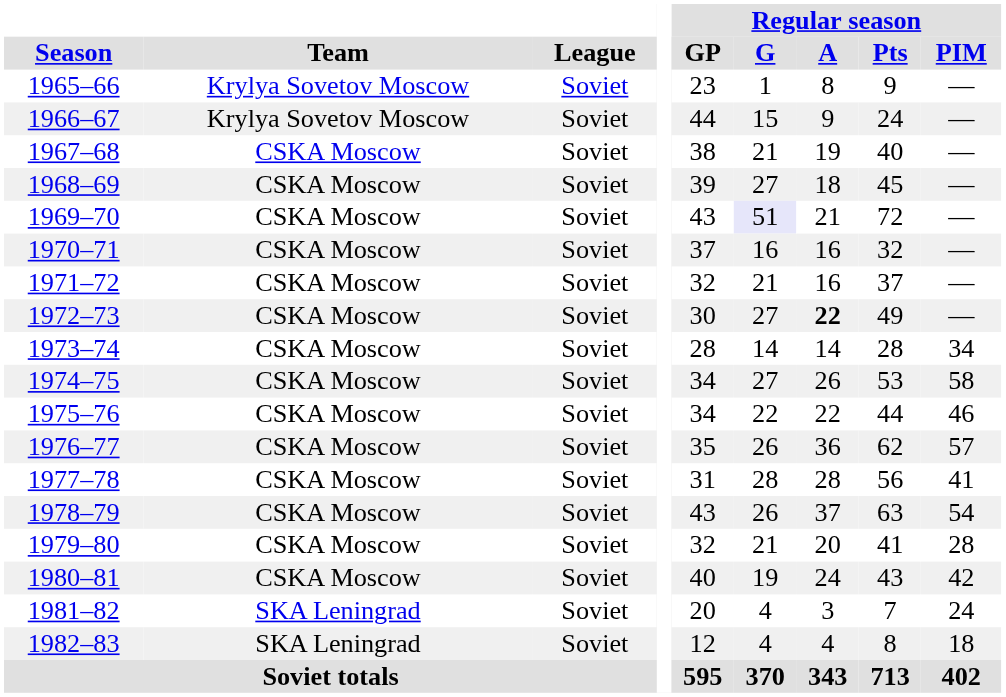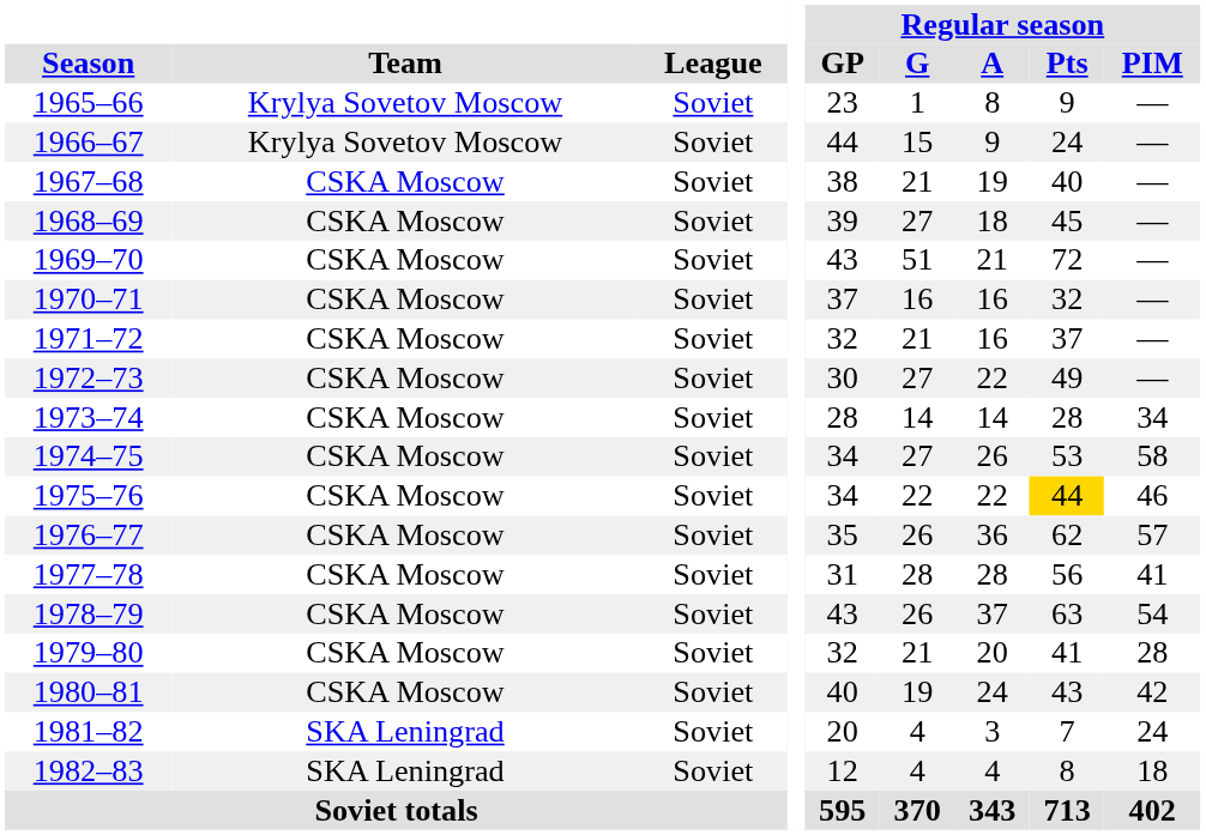 <table border="0" cellpadding="1" cellspacing="0" style="text-align:center; width:38em">
 <tr bgcolor="#e0e0e0">
 <th colspan="3" bgcolor="#ffffff"> </th>
 <th rowspan="99" bgcolor="#ffffff"> </th>
 <th colspan="5"><a href='#'>Regular season</a></th>
 </tr>
 <tr bgcolor="#e0e0e0">
 <th><a href='#'>Season</a></th>
 <th>Team</th>
 <th>League</th>
 <th>GP</th>
 <th><a href='#'>G</a></th>
 <th><a href='#'>A</a></th>
 <th><a href='#'>Pts</a></th>
 <th><a href='#'>PIM</a></th>
 </tr>
 <tr>
 <td><a href='#'>1965–66</a></td>
 <td><a href='#'>Krylya Sovetov Moscow</a></td>
 <td><a href='#'>Soviet</a></td>
 <td>23</td>
 <td>1</td>
 <td>8</td>
 <td>9</td>
 <td>—</td>
 </tr>
 <tr bgcolor="#f0f0f0">
 <td><a href='#'>1966–67</a></td>
 <td>Krylya Sovetov Moscow</td>
 <td>Soviet</td>
 <td>44</td>
 <td>15</td>
 <td>9</td>
 <td>24</td>
 <td>—</td>
 </tr>
 <tr>
 <td><a href='#'>1967–68</a></td>
 <td><a href='#'>CSKA Moscow</a></td>
 <td>Soviet</td>
 <td>38</td>
 <td>21</td>
 <td>19</td>
 <td>40</td>
 <td>—</td>
 </tr>
 <tr bgcolor="#f0f0f0">
 <td><a href='#'>1968–69</a></td>
 <td>CSKA Moscow</td>
 <td>Soviet</td>
 <td>39</td>
 <td>27</td>
 <td>18</td>
 <td>45</td>
 <td>—</td>
 </tr>
 <tr>
 <td><a href='#'>1969–70</a></td>
 <td>CSKA Moscow</td>
 <td>Soviet</td>
 <td>43</td>
-<td style="background: lavender;">51</td>
+<td>51</td>
 <td>21</td>
 <td>72</td>
 <td>—</td>
 </tr>
 <tr bgcolor="#f0f0f0">
 <td><a href='#'>1970–71</a></td>
 <td>CSKA Moscow</td>
 <td>Soviet</td>
 <td>37</td>
 <td>16</td>
 <td>16</td>
 <td>32</td>
 <td>—</td>
 </tr>
 <tr>
 <td><a href='#'>1971–72</a></td>
 <td>CSKA Moscow</td>
 <td>Soviet</td>
 <td>32</td>
 <td>21</td>
 <td>16</td>
 <td>37</td>
 <td>—</td>
 </tr>
 <tr bgcolor="#f0f0f0">
 <td><a href='#'>1972–73</a></td>
 <td>CSKA Moscow</td>
 <td>Soviet</td>
 <td>30</td>
 <td>27</td>
-<td><strong>22</strong></td>
+<td>22</td>
 <td>49</td>
 <td>—</td>
 </tr>
 <tr>
 <td><a href='#'>1973–74</a></td>
 <td>CSKA Moscow</td>
 <td>Soviet</td>
 <td>28</td>
 <td>14</td>
 <td>14</td>
 <td>28</td>
 <td>34</td>
 </tr>
 <tr bgcolor="#f0f0f0">
 <td><a href='#'>1974–75</a></td>
 <td>CSKA Moscow</td>
 <td>Soviet</td>
 <td>34</td>
 <td>27</td>
 <td>26</td>
 <td>53</td>
 <td>58</td>
 </tr>
 <tr>
 <td><a href='#'>1975–76</a></td>
 <td>CSKA Moscow</td>
 <td>Soviet</td>
 <td>34</td>
 <td>22</td>
 <td>22</td>
-<td>44</td>
+<td style="background: gold;">44</td>
 <td>46</td>
 </tr>
 <tr bgcolor="#f0f0f0">
 <td><a href='#'>1976–77</a></td>
 <td>CSKA Moscow</td>
 <td>Soviet</td>
 <td>35</td>
 <td>26</td>
 <td>36</td>
 <td>62</td>
 <td>57</td>
 </tr>
 <tr>
 <td><a href='#'>1977–78</a></td>
 <td>CSKA Moscow</td>
 <td>Soviet</td>
 <td>31</td>
 <td>28</td>
 <td>28</td>
 <td>56</td>
 <td>41</td>
 </tr>
 <tr bgcolor="#f0f0f0">
 <td><a href='#'>1978–79</a></td>
 <td>CSKA Moscow</td>
 <td>Soviet</td>
 <td>43</td>
 <td>26</td>
 <td>37</td>
 <td>63</td>
 <td>54</td>
 </tr>
 <tr>
 <td><a href='#'>1979–80</a></td>
 <td>CSKA Moscow</td>
 <td>Soviet</td>
 <td>32</td>
 <td>21</td>
 <td>20</td>
 <td>41</td>
 <td>28</td>
 </tr>
 <tr bgcolor="#f0f0f0">
 <td><a href='#'>1980–81</a></td>
 <td>CSKA Moscow</td>
 <td>Soviet</td>
 <td>40</td>
 <td>19</td>
 <td>24</td>
 <td>43</td>
 <td>42</td>
 </tr>
 <tr>
 <td><a href='#'>1981–82</a></td>
 <td><a href='#'>SKA Leningrad</a></td>
 <td>Soviet</td>
 <td>20</td>
 <td>4</td>
 <td>3</td>
 <td>7</td>
 <td>24</td>
 </tr>
 <tr bgcolor="#f0f0f0">
 <td><a href='#'>1982–83</a></td>
 <td>SKA Leningrad</td>
 <td>Soviet</td>
 <td>12</td>
 <td>4</td>
 <td>4</td>
 <td>8</td>
 <td>18</td>
 </tr>
 <tr bgcolor="#e0e0e0">
 <th colspan="3">Soviet totals</th>
 <th>595</th>
 <th>370</th>
 <th>343</th>
 <th>713</th>
 <th>402</th>
 </tr>
 </table>
